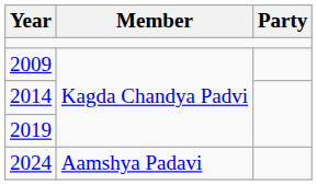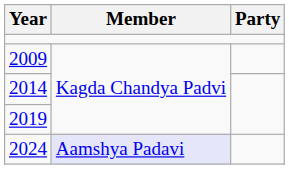 <table class="wikitable">
 <tr>
 <th>Year</th>
 <th>Member</th>
 <th colspan="2">Party</th>
 </tr>
 <tr>
 <td colspan="4"></td>
 </tr>
 <tr>
 <td><a href='#'>2009</a></td>
 <td rowspan="3"><a href='#'>Kagda Chandya Padvi</a></td>
 <td></td>
 </tr>
 <tr>
 <td><a href='#'>2014</a></td>
 </tr>
 <tr>
 <td><a href='#'>2019</a></td>
 </tr>
 <tr>
 <td><a href='#'>2024</a></td>
-<td><a href='#'>Aamshya Padavi</a></td>
+<td style="background: lavender;"><a href='#'>Aamshya Padavi</a></td>
 <td></td>
 </tr>
 </table>
